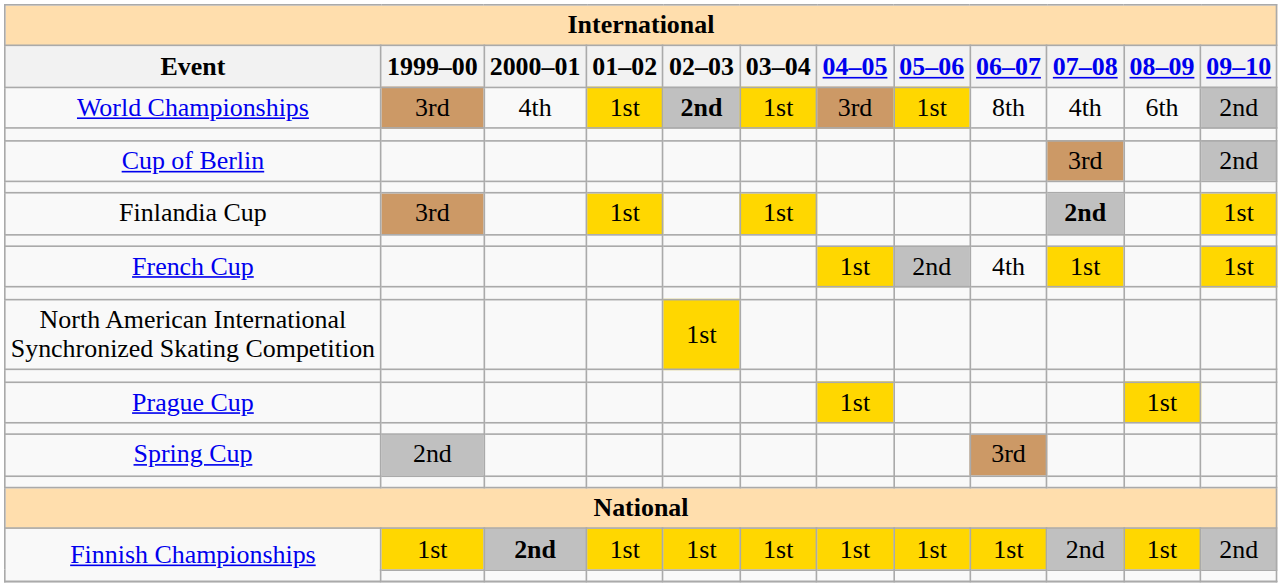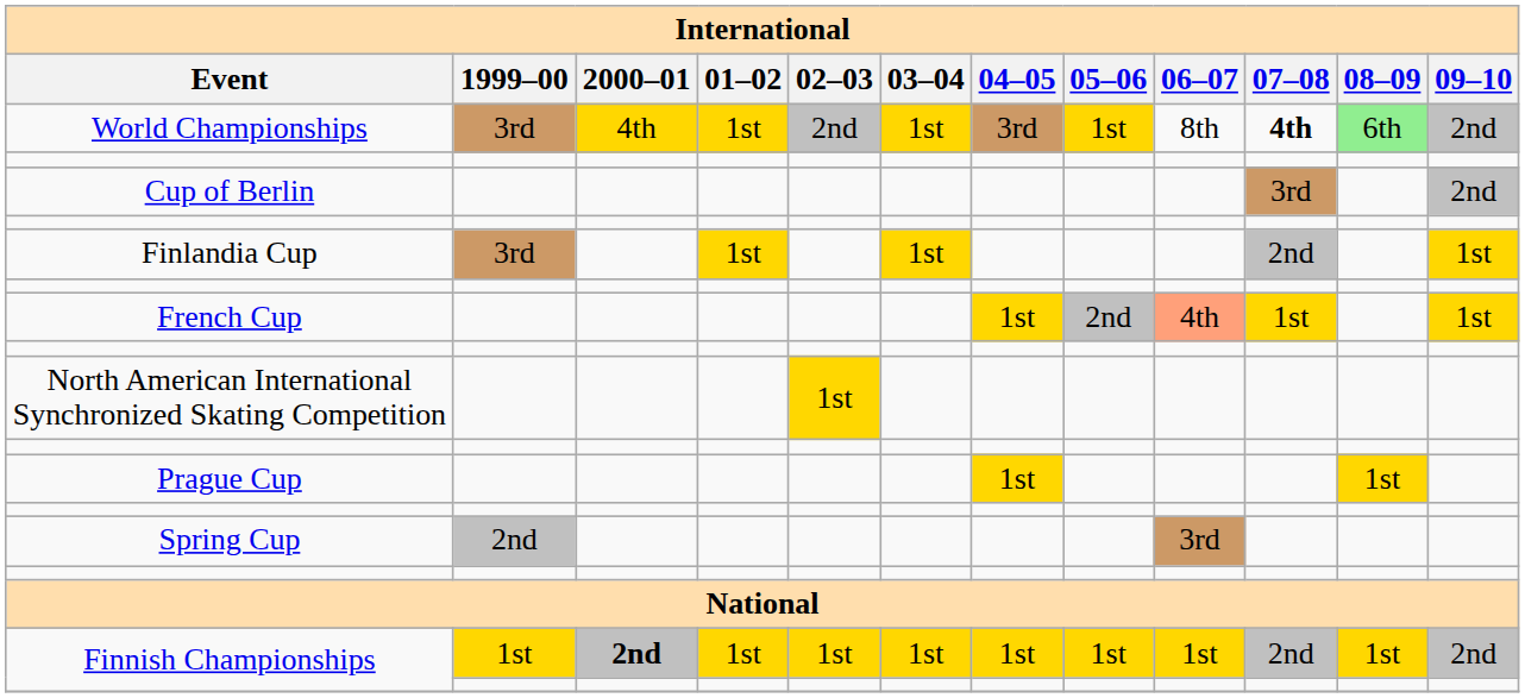 <table class="wikitable">
 <tr>
 <th style="background-color: #ffdead;" colspan="16" align="center"><strong>International</strong></th>
 </tr>
 <tr>
 <th>Event</th>
 <th>1999–00</th>
 <th>2000–01</th>
 <th>01–02</th>
 <th>02–03</th>
 <th>03–04</th>
 <th><a href='#'>04–05</a></th>
 <th><a href='#'>05–06</a></th>
 <th><a href='#'>06–07</a></th>
 <th><a href='#'>07–08</a></th>
 <th><a href='#'>08–09</a></th>
 <th><a href='#'>09–10</a></th>
 </tr>
 <tr>
 <td align="center"><a href='#'>World Championships</a></td>
 <td align="center" bgcolor="cc9966">3rd</td>
-<td align="center">4th</td>
+<td align="center" style="background: gold;">4th</td>
 <td align="center" bgcolor="gold">1st</td>
-<td align="center" bgcolor="silver"><strong>2nd</strong></td>
+<td align="center" bgcolor="silver">2nd</td>
 <td align="center" bgcolor="gold">1st</td>
 <td align="center" bgcolor="cc9966">3rd</td>
 <td align="center" bgcolor="gold">1st</td>
 <td align="center">8th</td>
-<td align="center">4th</td>
-<td 2008-09 align="center">6th</td>
+<td align="center"><strong>4th</strong></td>
+<td 2008-09 align="center" style="background: lightgreen;">6th</td>
 <td align="center" bgcolor="silver">2nd</td>
 </tr>
 <tr>
 <td align="center"></td>
 <td align="center"></td>
 <td align="center"></td>
 <td align="center"></td>
 <td align="center"></td>
 <td align="center"></td>
 <td align="center"></td>
 <td align="center"></td>
 <td align="center"></td>
 <td align="center"></td>
 <td align="center"></td>
 <td></td>
 </tr>
 <tr>
 <td align="center"><a href='#'>Cup of Berlin</a></td>
 <td 1999-00 align="center"></td>
 <td 2000-01 align="center"></td>
 <td 2001-02 align="center"></td>
 <td 2002-03 align="center"></td>
 <td 2003-04 align="center"></td>
 <td 2004-05 align="center"></td>
 <td 2005-06 align="center"></td>
 <td 2006-07 align="center"></td>
 <td 2007-08 align="center" bgcolor="cc9966">3rd</td>
 <td 2008-09 align="center"></td>
 <td align="center" bgcolor="silver">2nd</td>
 </tr>
 <tr>
 <td align="center"></td>
 <td 1999-00 align="center"></td>
 <td 2000-01 align="center"></td>
 <td 2001-02 align="center"></td>
 <td 2002-03 align="center"></td>
 <td 2003-04 align="center"></td>
 <td 2004-05 align="center"></td>
 <td 2005-06 align="center"></td>
 <td 2006-07 align="center"></td>
 <td 2007-08 align="center"></td>
 <td 2008-09 align="center"></td>
 <td></td>
 </tr>
 <tr>
 <td align="center">Finlandia Cup</td>
 <td align="center" bgcolor="cc9966">3rd</td>
 <td align="center"></td>
 <td align="center" bgcolor="gold">1st</td>
 <td align="center"></td>
 <td align="center" bgcolor="gold">1st</td>
 <td align="center"></td>
 <td align="center"></td>
 <td align="center"></td>
-<td align="center" bgcolor="silver"><strong>2nd</strong></td>
+<td align="center" bgcolor="silver">2nd</td>
 <td align="center"></td>
 <td align="center" bgcolor="gold">1st</td>
 </tr>
 <tr>
 <td align="center"></td>
 <td align="center"></td>
 <td align="center"></td>
 <td align="center"></td>
 <td align="center"></td>
 <td align="center"></td>
 <td align="center"></td>
 <td align="center"></td>
 <td align="center"></td>
 <td align="center"></td>
 <td align="center"></td>
 <td></td>
 </tr>
 <tr>
 <td align="center"><a href='#'>French Cup</a></td>
 <td 1999-00 align="center"></td>
 <td 2000-01 align="center"></td>
 <td 2001-02 align="center"></td>
 <td 2002-03 align="center"></td>
 <td 2003-04 align="center"></td>
 <td 2004-05 align="center" bgcolor="gold">1st</td>
 <td 2005-06 align="center" bgcolor="silver">2nd</td>
-<td 2006-07 align="center">4th</td>
+<td 2006-07 align="center" style="background: lightsalmon;">4th</td>
 <td 2007-08 align="center" bgcolor="gold">1st</td>
 <td 2008-09 align="center"></td>
 <td align="center" bgcolor="gold">1st</td>
 </tr>
 <tr>
 <td align="center"></td>
 <td 1999-00 align="center"></td>
 <td 2000-01 align="center"></td>
 <td 2001-02 align="center"></td>
 <td 2002-03 align="center"></td>
 <td 2003-04 align="center"></td>
 <td 2004-05 align="center"></td>
 <td 2005-06 align="center"></td>
 <td 2006-07 align="center"></td>
 <td 2007-08 align="center"></td>
 <td 2008-09 align="center"></td>
 <td></td>
 </tr>
 <tr>
 <td align="center">North American International<br>Synchronized Skating Competition</td>
 <td 1999-00 align="center"></td>
 <td 2000-01 align="center"></td>
 <td 2001-02 align="center"></td>
 <td 2002-03 align="center" bgcolor="gold">1st</td>
 <td 2003-04 align="center"></td>
 <td 2004-05 align="center"></td>
 <td 2005-06 align="center"></td>
 <td 2006-07 align="center"></td>
 <td 2007-08 align="center"></td>
 <td 2008-09 align="center"></td>
 <td></td>
 </tr>
 <tr>
 <td align="center"></td>
 <td 1999-00 align="center"></td>
 <td 2000-01 align="center"></td>
 <td 2001-02 align="center"></td>
 <td 2002-03 align="center"></td>
 <td 2003-04 align="center"></td>
 <td 2004-05 align="center"></td>
 <td 2005-06 align="center"></td>
 <td 2006-07 align="center"></td>
 <td 2007-08 align="center"></td>
 <td 2008-09 align="center"></td>
 <td></td>
 </tr>
 <tr>
 <td align="center"><a href='#'>Prague Cup</a></td>
 <td 1999-00 align="center"></td>
 <td 2000-01 align="center"></td>
 <td 2001-02 align="center"></td>
 <td 2002-03 align="center"></td>
 <td 2003-04 align="center"></td>
 <td 2004-05 align="center" bgcolor="gold">1st</td>
 <td 2005-06 align="center"></td>
 <td 2006-07 align="center"></td>
 <td 2007-08 align="center"></td>
 <td 2008-09 align="center" bgcolor="gold">1st</td>
 <td></td>
 </tr>
 <tr>
 <td align="center"></td>
 <td 1999-00 align="center"></td>
 <td 2000-01 align="center"></td>
 <td 2001-02 align="center"></td>
 <td 2002-03 align="center"></td>
 <td 2003-04 align="center"></td>
 <td 2004-05 align="center"></td>
 <td 2005-06 align="center"></td>
 <td 2006-07 align="center"></td>
 <td 2007-08 align="center"></td>
 <td 2008-09 align="center"></td>
 <td></td>
 </tr>
 <tr>
 <td align="center"><a href='#'>Spring Cup</a></td>
 <td 1999-00 align="center" bgcolor="silver">2nd</td>
 <td 2000-01 align="center"></td>
 <td 2001-02 align="center"></td>
 <td 2002-03 align="center"></td>
 <td 2003-04 align="center"></td>
 <td 2004-05 align="center"></td>
 <td 2005-06 align="center"></td>
 <td 2006-07 align="center" bgcolor="cc9966">3rd</td>
 <td 2007-08 align="center"></td>
 <td 2008-09 align="center"></td>
 <td></td>
 </tr>
 <tr>
 <td align="center"></td>
 <td 1999-00 align="center"></td>
 <td 2000-01 align="center"></td>
 <td 2001-02 align="center"></td>
 <td 2002-03 align="center"></td>
 <td 2003-04 align="center"></td>
 <td 2004-05 align="center"></td>
 <td 2005-06 align="center"></td>
 <td 2006-07 align="center"></td>
 <td 2007-08 align="center"></td>
 <td 2008-09 align="center"></td>
 <td></td>
 </tr>
 <tr>
 <th style="background-color: #ffdead; " colspan="16" align="center"><strong>National</strong></th>
 </tr>
 <tr>
 <td align="center" rowspan="2"><a href='#'>Finnish Championships</a></td>
 <td 1999-00 align="center" bgcolor="gold">1st</td>
 <td 2000-01 align="center" bgcolor="silver"><strong>2nd</strong></td>
 <td 2001-02 align="center" bgcolor="gold">1st</td>
 <td 2002-03 align="center" bgcolor="gold">1st</td>
 <td 2003-04 align="center" bgcolor="gold">1st</td>
 <td 2004-05 align="center" bgcolor="gold">1st</td>
 <td 2005-06 align="center" bgcolor="gold">1st</td>
 <td 2006-07 align="center" bgcolor="gold">1st</td>
 <td 2007-08 align="center" bgcolor="silver">2nd</td>
 <td 2008-09 align="center" bgcolor="gold">1st</td>
 <td align="center" bgcolor="silver">2nd</td>
 </tr>
 <tr>
 <td 1999-00 align="center"></td>
 <td 2000-01 align="center"></td>
 <td 2001-02 align="center"></td>
 <td 2002-03 align="center"></td>
 <td 2003-04 align="center"></td>
 <td 2004-05 align="center"></td>
 <td 2005-06 align="center"></td>
 <td 2006-07 align="center"></td>
 <td 2007-08 align="center"></td>
 <td 2008-09 align="center"></td>
 <td></td>
 </tr>
 <tr>
 </tr>
 </table>
